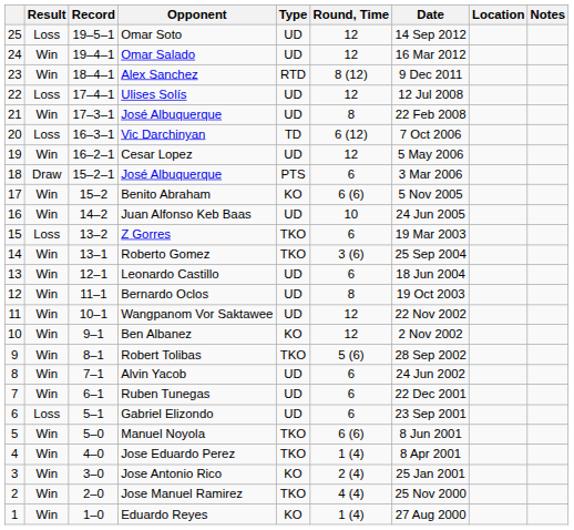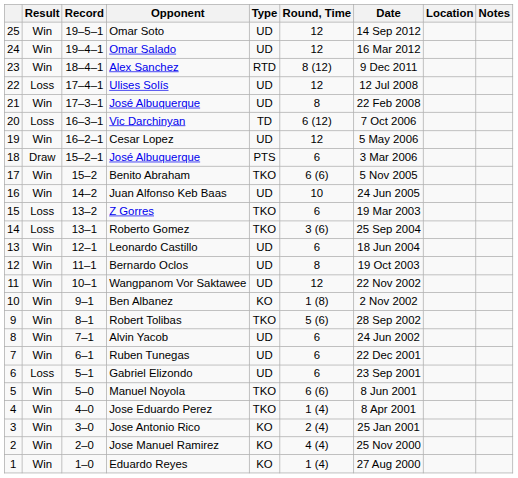 <table class="wikitable" style="text-align:center">
 <tr>
 <th></th>
 <th>Result</th>
 <th>Record</th>
 <th>Opponent</th>
 <th>Type</th>
 <th>Round, Time</th>
 <th>Date</th>
 <th>Location</th>
 <th>Notes</th>
 </tr>
 <tr>
 <td>25</td>
-<td>Loss</td>
+<td>Win</td>
 <td>19–5–1</td>
 <td align=left>Omar Soto</td>
 <td>UD</td>
 <td>12</td>
 <td>14 Sep 2012</td>
 <td align=left></td>
 <td align=left></td>
 </tr>
 <tr>
 <td>24</td>
 <td>Win</td>
 <td>19–4–1</td>
 <td align=left><a href='#'>Omar Salado</a></td>
 <td>UD</td>
 <td>12</td>
 <td>16 Mar 2012</td>
 <td align=left></td>
 <td align=left></td>
 </tr>
 <tr>
 <td>23</td>
 <td>Win</td>
 <td>18–4–1</td>
 <td align=left><a href='#'>Alex Sanchez</a></td>
 <td>RTD</td>
 <td>8 (12) </td>
 <td>9 Dec 2011</td>
 <td align=left></td>
 <td></td>
 </tr>
 <tr>
 <td>22</td>
 <td>Loss</td>
 <td>17–4–1</td>
 <td align=left><a href='#'>Ulises Solís</a></td>
 <td>UD</td>
 <td>12</td>
 <td>12 Jul 2008</td>
 <td align=left></td>
 <td align=left></td>
 </tr>
 <tr>
 <td>21</td>
 <td>Win</td>
 <td>17–3–1</td>
 <td align=left><a href='#'>José Albuquerque</a></td>
 <td>UD</td>
 <td>8</td>
 <td>22 Feb 2008</td>
 <td align=left></td>
 <td></td>
 </tr>
 <tr>
 <td>20</td>
 <td>Loss</td>
 <td>16–3–1</td>
 <td align=left><a href='#'>Vic Darchinyan</a></td>
 <td>TD</td>
 <td>6 (12) </td>
 <td>7 Oct 2006</td>
 <td align=left></td>
 <td align=left></td>
 </tr>
 <tr>
 <td>19</td>
 <td>Win</td>
 <td>16–2–1</td>
 <td align=left>Cesar Lopez</td>
 <td>UD</td>
 <td>12</td>
 <td>5 May 2006</td>
 <td align=left></td>
 <td align=left></td>
 </tr>
 <tr>
 <td>18</td>
 <td>Draw</td>
 <td>15–2–1</td>
 <td align=left><a href='#'>José Albuquerque</a></td>
 <td>PTS</td>
 <td>6</td>
 <td>3 Mar 2006</td>
 <td align=left></td>
 <td></td>
 </tr>
 <tr>
 <td>17</td>
 <td>Win</td>
 <td>15–2</td>
 <td align=left>Benito Abraham</td>
-<td>KO</td>
+<td>TKO</td>
 <td>6 (6) </td>
 <td>5 Nov 2005</td>
 <td align=left></td>
 <td></td>
 </tr>
 <tr>
 <td>16</td>
 <td>Win</td>
 <td>14–2</td>
 <td align=left>Juan Alfonso Keb Baas</td>
 <td>UD</td>
 <td>10</td>
 <td>24 Jun 2005</td>
 <td align=left></td>
 <td></td>
 </tr>
 <tr>
 <td>15</td>
 <td>Loss</td>
 <td>13–2</td>
 <td align=left><a href='#'>Z Gorres</a></td>
 <td>TKO</td>
 <td>6</td>
 <td>19 Mar 2003</td>
 <td align=left></td>
 <td></td>
 </tr>
 <tr>
 <td>14</td>
-<td>Win</td>
+<td>Loss</td>
 <td>13–1</td>
 <td align=left>Roberto Gomez</td>
 <td>TKO</td>
 <td>3 (6) </td>
 <td>25 Sep 2004</td>
 <td align=left></td>
 <td></td>
 </tr>
 <tr>
 <td>13</td>
 <td>Win</td>
 <td>12–1</td>
 <td align=left>Leonardo Castillo</td>
 <td>UD</td>
 <td>6</td>
 <td>18 Jun 2004</td>
 <td align=left></td>
 <td></td>
 </tr>
 <tr>
 <td>12</td>
 <td>Win</td>
 <td>11–1</td>
 <td align=left>Bernardo Oclos</td>
 <td>UD</td>
 <td>8</td>
 <td>19 Oct 2003</td>
 <td align=left></td>
 <td></td>
 </tr>
 <tr>
 <td>11</td>
 <td>Win</td>
 <td>10–1</td>
 <td align=left>Wangpanom Vor Saktawee</td>
 <td>UD</td>
 <td>12</td>
 <td>22 Nov 2002</td>
 <td align=left></td>
 <td align=left></td>
 </tr>
 <tr>
 <td>10</td>
 <td>Win</td>
 <td>9–1</td>
 <td align=left>Ben Albanez</td>
 <td>KO</td>
-<td>12</td>
+<td>1 (8)</td>
 <td>2 Nov 2002</td>
 <td align=left></td>
 <td></td>
 </tr>
 <tr>
 <td>9</td>
 <td>Win</td>
 <td>8–1</td>
 <td align=left>Robert Tolibas</td>
 <td>TKO</td>
 <td>5 (6)</td>
 <td>28 Sep 2002</td>
 <td align=left></td>
 <td></td>
 </tr>
 <tr>
 <td>8</td>
 <td>Win</td>
 <td>7–1</td>
 <td align=left>Alvin Yacob</td>
 <td>UD</td>
 <td>6</td>
 <td>24 Jun 2002</td>
 <td align=left></td>
 <td></td>
 </tr>
 <tr>
 <td>7</td>
 <td>Win</td>
 <td>6–1</td>
 <td align=left>Ruben Tunegas</td>
 <td>UD</td>
 <td>6</td>
 <td>22 Dec 2001</td>
 <td align=left></td>
 <td></td>
 </tr>
 <tr>
 <td>6</td>
 <td>Loss</td>
 <td>5–1</td>
 <td align=left>Gabriel Elizondo</td>
 <td>UD</td>
 <td>6</td>
 <td>23 Sep 2001</td>
 <td align=left></td>
 <td></td>
 </tr>
 <tr>
 <td>5</td>
 <td>Win</td>
 <td>5–0</td>
 <td align=left>Manuel Noyola</td>
 <td>TKO</td>
 <td>6 (6) </td>
 <td>8 Jun 2001</td>
 <td align=left></td>
 <td></td>
 </tr>
 <tr>
 <td>4</td>
 <td>Win</td>
 <td>4–0</td>
 <td align=left>Jose Eduardo Perez</td>
 <td>TKO</td>
 <td>1 (4) </td>
 <td>8 Apr 2001</td>
 <td align=left></td>
 <td></td>
 </tr>
 <tr>
 <td>3</td>
 <td>Win</td>
 <td>3–0</td>
 <td align=left>Jose Antonio Rico</td>
 <td>KO</td>
 <td>2 (4) </td>
 <td>25 Jan 2001</td>
 <td align=left></td>
 <td></td>
 </tr>
 <tr>
 <td>2</td>
 <td>Win</td>
 <td>2–0</td>
 <td align=left>Jose Manuel Ramirez</td>
-<td>TKO</td>
+<td>KO</td>
 <td>4 (4) </td>
 <td>25 Nov 2000</td>
 <td align=left></td>
 <td></td>
 </tr>
 <tr>
 <td>1</td>
 <td>Win</td>
 <td>1–0</td>
 <td align=left>Eduardo Reyes</td>
 <td>KO</td>
 <td>1 (4) </td>
 <td>27 Aug 2000</td>
 <td align=left></td>
 <td></td>
 </tr>
 </table>
